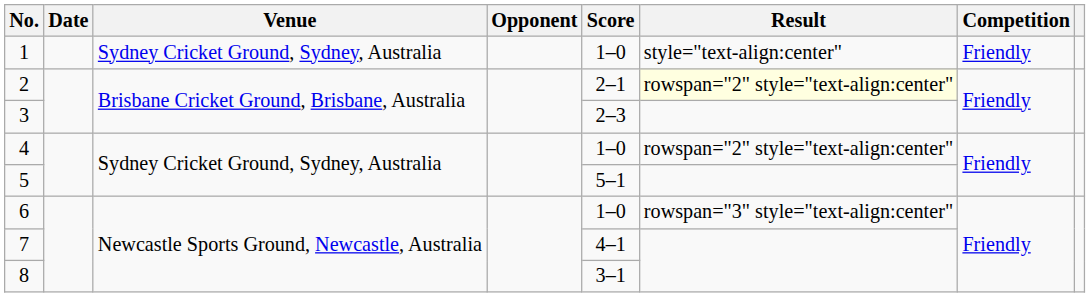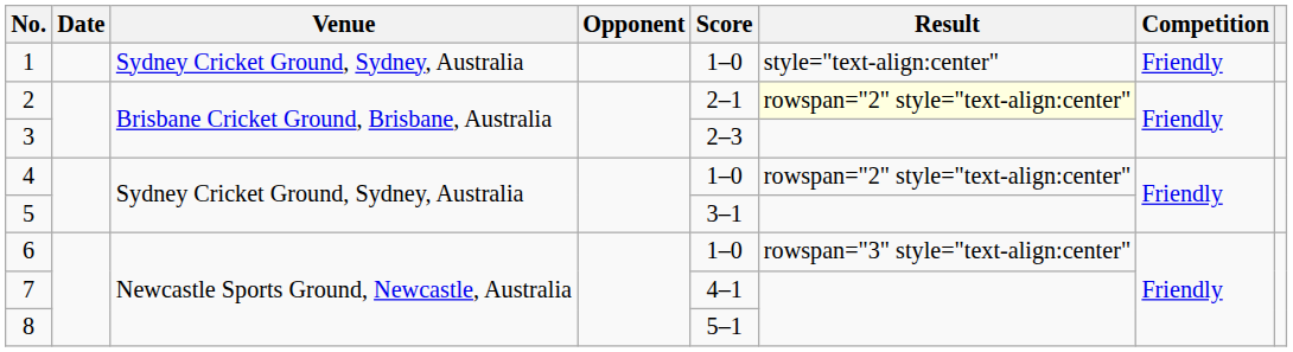 <table class="wikitable sortable">
 <tr>
 <th scope="col">No.</th>
 <th scope="col">Date</th>
 <th scope="col">Venue</th>
 <th scope="col">Opponent</th>
 <th scope="col">Score</th>
 <th scope="col">Result</th>
 <th scope="col">Competition</th>
 <th scope="col" class="unsortable"></th>
 </tr>
 <tr>
 <td style="text-align:center">1</td>
 <td></td>
 <td><a href='#'>Sydney Cricket Ground</a>, <a href='#'>Sydney</a>, Australia</td>
 <td></td>
 <td style="text-align:center">1–0</td>
 <td>style="text-align:center" </td>
 <td><a href='#'>Friendly</a></td>
 <td></td>
 </tr>
 <tr>
 <td style="text-align:center">2</td>
 <td rowspan="2"></td>
 <td rowspan="2"><a href='#'>Brisbane Cricket Ground</a>, <a href='#'>Brisbane</a>, Australia</td>
 <td rowspan="2"></td>
 <td style="text-align:center">2–1</td>
 <td style="background: lightyellow;">rowspan="2" style="text-align:center" </td>
 <td rowspan="2"><a href='#'>Friendly</a></td>
 <td rowspan="2"></td>
 </tr>
 <tr>
 <td style="text-align:center">3</td>
 <td style="text-align:center">2–3</td>
 </tr>
 <tr>
 <td style="text-align:center">4</td>
 <td rowspan="2"></td>
 <td rowspan="2">Sydney Cricket Ground, Sydney, Australia</td>
 <td rowspan="2"></td>
 <td style="text-align:center">1–0</td>
 <td>rowspan="2" style="text-align:center" </td>
 <td rowspan="2"><a href='#'>Friendly</a></td>
 <td rowspan="2"></td>
 </tr>
 <tr>
 <td style="text-align:center">5</td>
-<td style="text-align:center">5–1</td>
+<td style="text-align:center">3–1</td>
 </tr>
 <tr>
 <td style="text-align:center">6</td>
 <td rowspan="3"></td>
 <td rowspan="3">Newcastle Sports Ground, <a href='#'>Newcastle</a>, Australia</td>
 <td rowspan="3"></td>
 <td style="text-align:center">1–0</td>
 <td>rowspan="3" style="text-align:center" </td>
 <td rowspan="3"><a href='#'>Friendly</a></td>
 <td rowspan="3"></td>
 </tr>
 <tr>
 <td style="text-align:center">7</td>
 <td style="text-align:center">4–1</td>
 </tr>
 <tr>
 <td style="text-align:center">8</td>
-<td style="text-align:center">3–1</td>
+<td style="text-align:center">5–1</td>
 </tr>
 </table>
